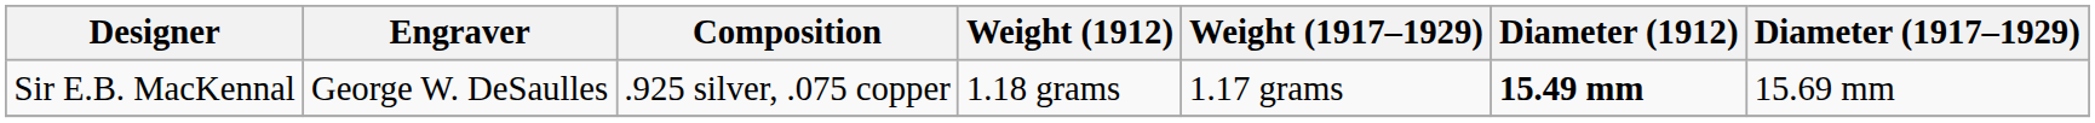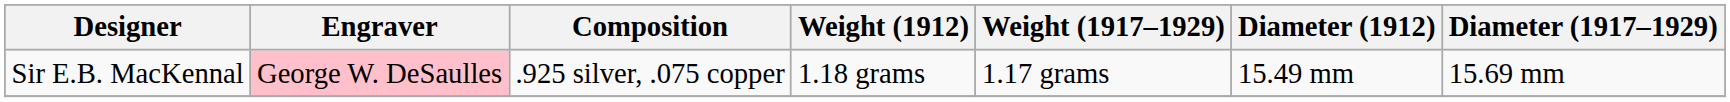 <table class="wikitable">
 <tr>
 <th>Designer</th>
 <th>Engraver</th>
 <th>Composition</th>
 <th>Weight (1912)</th>
 <th>Weight (1917–1929)</th>
 <th>Diameter (1912)</th>
 <th>Diameter (1917–1929)</th>
 </tr>
 <tr>
 <td>Sir E.B. MacKennal</td>
-<td>George W. DeSaulles</td>
+<td style="background: pink;">George W. DeSaulles</td>
 <td>.925 silver, .075 copper</td>
 <td>1.18 grams</td>
 <td>1.17 grams</td>
-<td><strong>15.49 mm</strong></td>
+<td>15.49 mm</td>
 <td>15.69 mm</td>
 </tr>
 <tr>
 </tr>
 </table>
